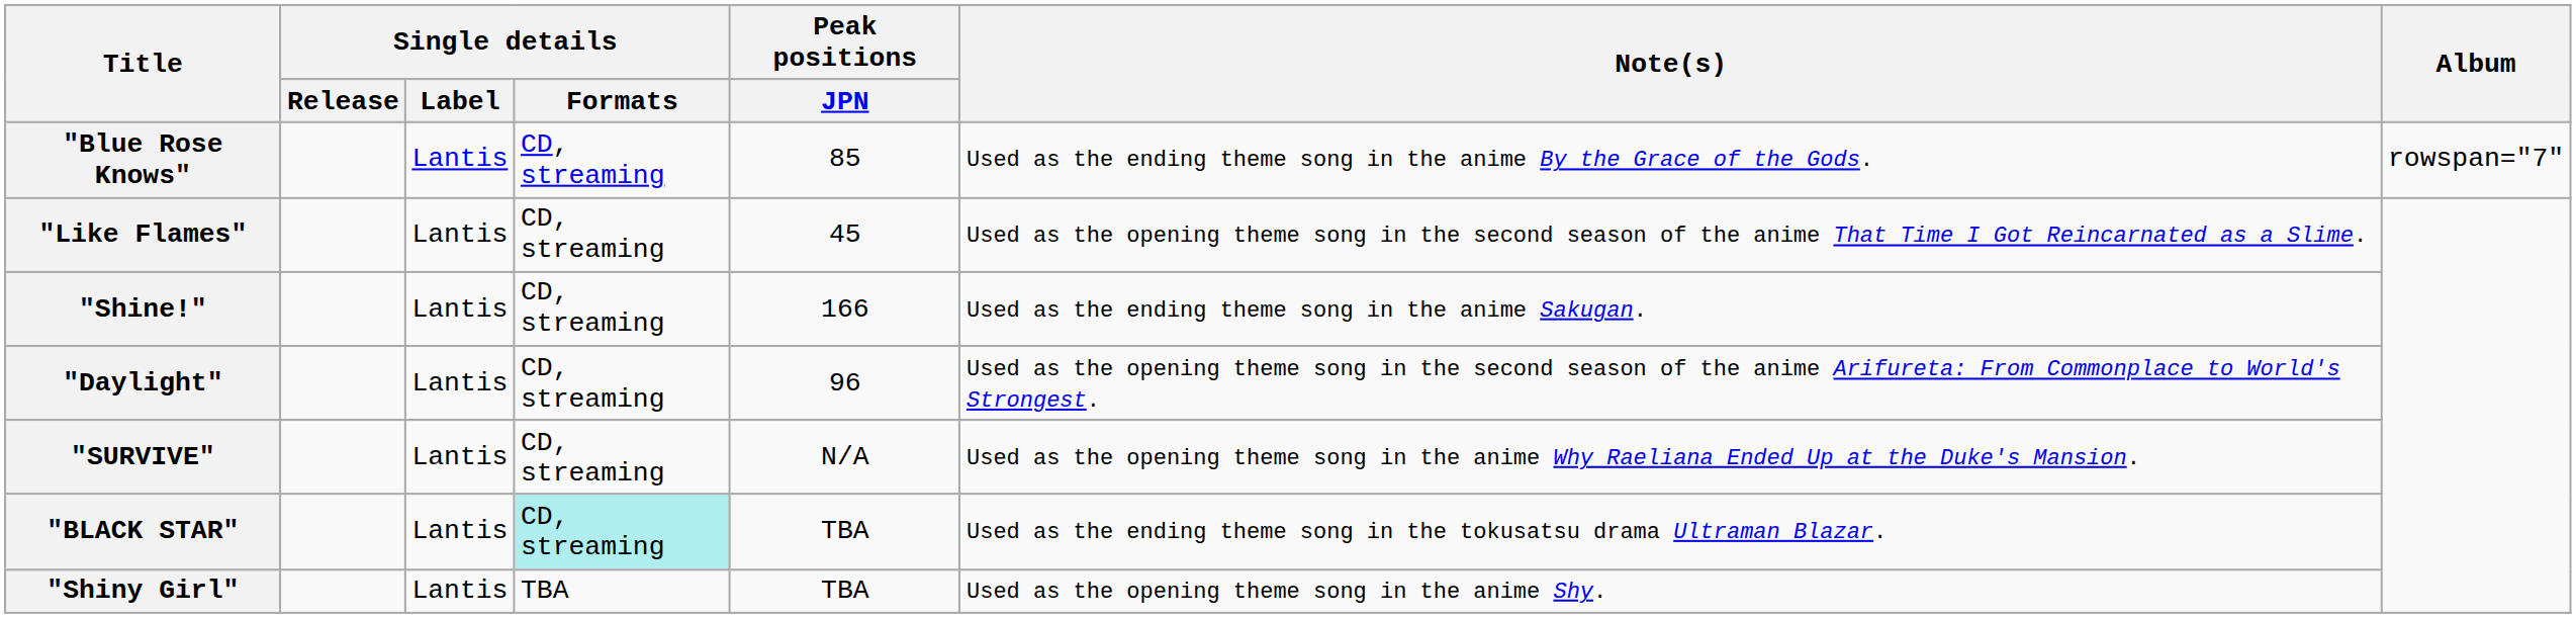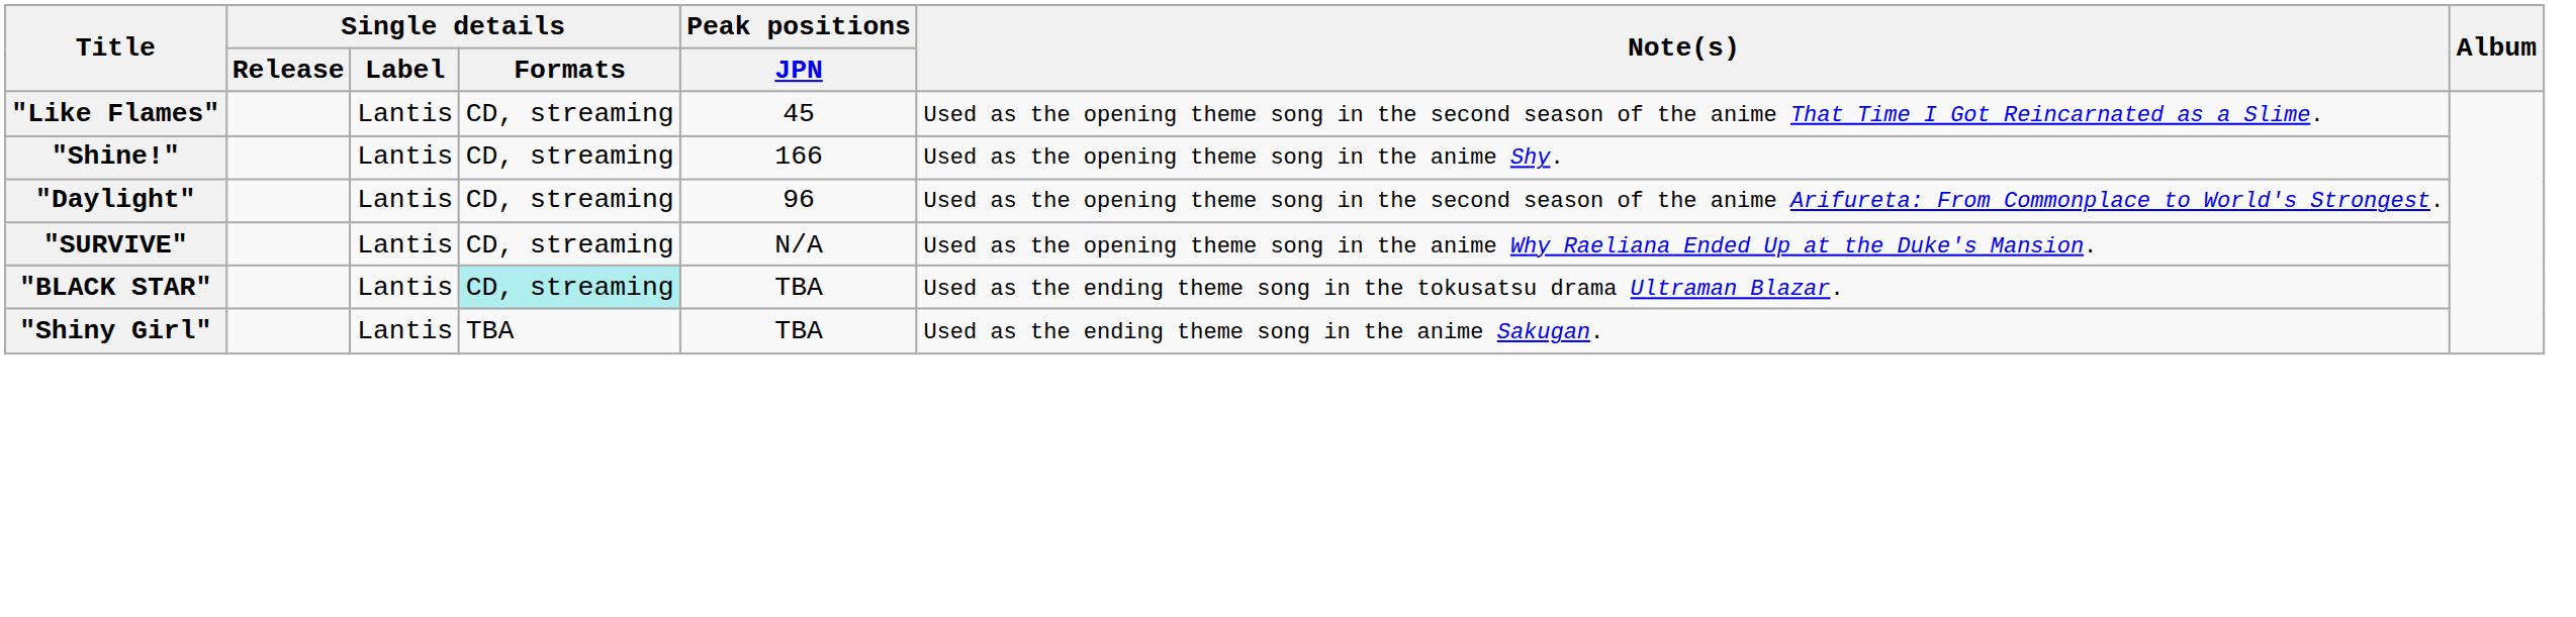 <table class="wikitable plainrowheaders">
 <tr>
 <th scope="col" rowspan="2">Title</th>
 <th scope="col" rowspan="1" colspan=3>Single details</th>
 <th scope="col" colspan="1">Peak positions</th>
 <th scope="col" rowspan="2">Note(s)</th>
 <th scope="col" rowspan="2">Album</th>
 </tr>
 <tr>
 <th>Release</th>
 <th>Label</th>
 <th>Formats</th>
 <th scope="col"><a href='#'>JPN</a></th>
 </tr>
 <tr>
-<th scope="row">"Blue Rose Knows"</th>
-<td></td>
-<td><a href='#'>Lantis</a></td>
-<td><a href='#'>CD</a>, <a href='#'>streaming</a></td>
-<td align="center">85</td>
-<td><small>Used as the ending theme song in the anime <em><a href='#'>By the Grace of the Gods</a></em>.</small></td>
-<td>rowspan="7" </td>
-</tr>
-<tr>
 <th scope="row">"Like Flames"</th>
 <td></td>
 <td>Lantis</td>
 <td>CD, streaming</td>
 <td align="center">45</td>
 <td><small>Used as the opening theme song in the second season of the anime <em><a href='#'>That Time I Got Reincarnated as a Slime</a></em>.</small></td>
 </tr>
 <tr>
 <th scope="row">"Shine!"</th>
 <td></td>
 <td>Lantis</td>
 <td>CD, streaming</td>
 <td align="center">166</td>
-<td><small>Used as the ending theme song in the anime <em><a href='#'>Sakugan</a></em>.</small></td>
+<td><small>Used as the opening theme song in the anime <em><a href='#'>Shy</a></em>.</small></td>
 </tr>
 <tr>
 <th scope="row">"Daylight"</th>
 <td></td>
 <td>Lantis</td>
 <td>CD, streaming</td>
 <td align="center">96</td>
 <td><small>Used as the opening theme song in the second season of the anime <em><a href='#'>Arifureta: From Commonplace to World's Strongest</a></em>.</small></td>
 </tr>
 <tr>
 <th scope="row">"SURVIVE"</th>
 <td></td>
 <td>Lantis</td>
 <td>CD, streaming</td>
 <td align="center">N/A</td>
 <td><small>Used as the opening theme song in the anime <em><a href='#'>Why Raeliana Ended Up at the Duke's Mansion</a></em>.</small></td>
 </tr>
 <tr>
 <th scope="row">"BLACK STAR"</th>
 <td></td>
 <td>Lantis</td>
 <td style="background: paleturquoise;">CD, streaming</td>
 <td align="center">TBA</td>
 <td><small>Used as the ending theme song in the tokusatsu drama <em><a href='#'>Ultraman Blazar</a></em>.</small></td>
 </tr>
 <tr>
 <th scope="row">"Shiny Girl"</th>
 <td></td>
 <td>Lantis</td>
 <td>TBA</td>
 <td align="center">TBA</td>
-<td><small>Used as the opening theme song in the anime <em><a href='#'>Shy</a></em>.</small></td>
+<td><small>Used as the ending theme song in the anime <em><a href='#'>Sakugan</a></em>.</small></td>
 </tr>
 </table>
